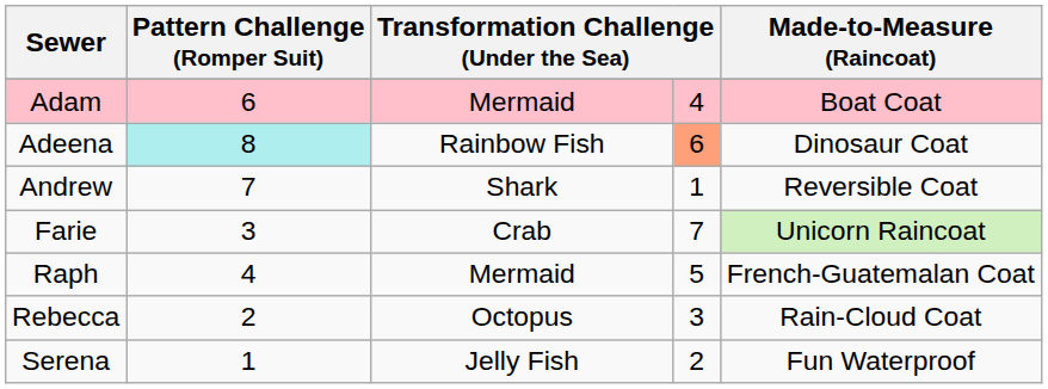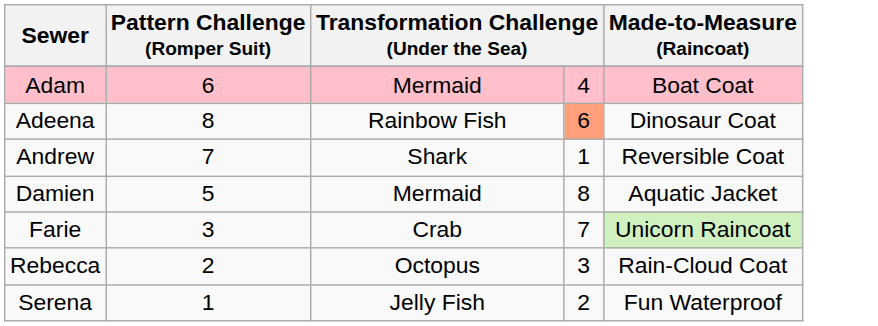 <table class="wikitable" style="text-align:center;">
 <tr>
 <th>Sewer</th>
 <th>Pattern Challenge<br><small>(Romper Suit)</small></th>
 <th colspan="2">Transformation Challenge<br><small>(Under the Sea)</small></th>
 <th>Made-to-Measure<br><small>(Raincoat)</small></th>
 </tr>
 <tr>
 </tr>
 <tr style="background:pink">
 <td>Adam</td>
 <td>6</td>
 <td>Mermaid</td>
 <td>4</td>
 <td>Boat Coat</td>
 </tr>
 <tr>
 <td>Adeena</td>
-<td style="background: paleturquoise;">8</td>
+<td>8</td>
 <td>Rainbow Fish</td>
 <td style="background: lightsalmon;">6</td>
 <td>Dinosaur Coat</td>
 </tr>
 <tr>
 <td>Andrew</td>
 <td>7</td>
 <td>Shark</td>
 <td>1</td>
 <td>Reversible Coat</td>
 </tr>
 <tr>
+<td>Damien</td>
+<td>5</td>
+<td>Mermaid</td>
+<td>8</td>
+<td>Aquatic Jacket</td>
+</tr>
+<tr>
 <td>Farie</td>
 <td>3</td>
 <td>Crab</td>
 <td>7</td>
 <td style="background:#d0f0c0">Unicorn Raincoat</td>
-</tr>
-<tr>
-<td>Raph</td>
-<td>4</td>
-<td>Mermaid</td>
-<td>5</td>
-<td>French-Guatemalan Coat</td>
 </tr>
 <tr>
 <td>Rebecca</td>
 <td>2</td>
 <td>Octopus</td>
 <td>3</td>
 <td>Rain-Cloud Coat</td>
 </tr>
 <tr>
 <td>Serena</td>
 <td>1</td>
 <td>Jelly Fish</td>
 <td>2</td>
 <td>Fun Waterproof</td>
 </tr>
 </table>
